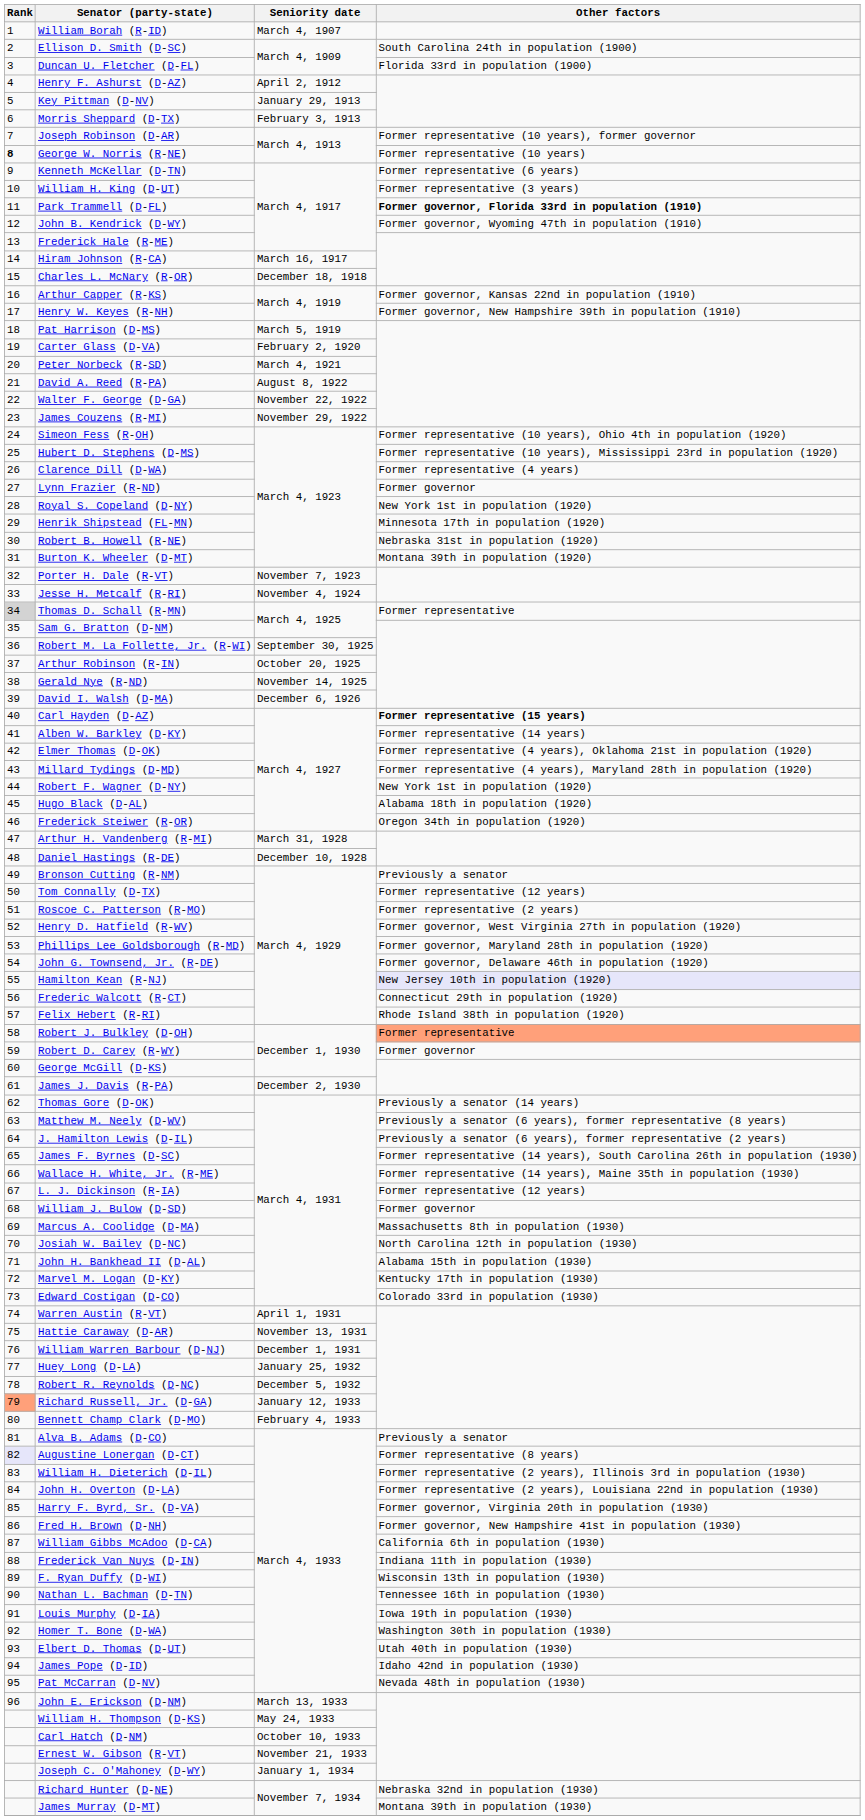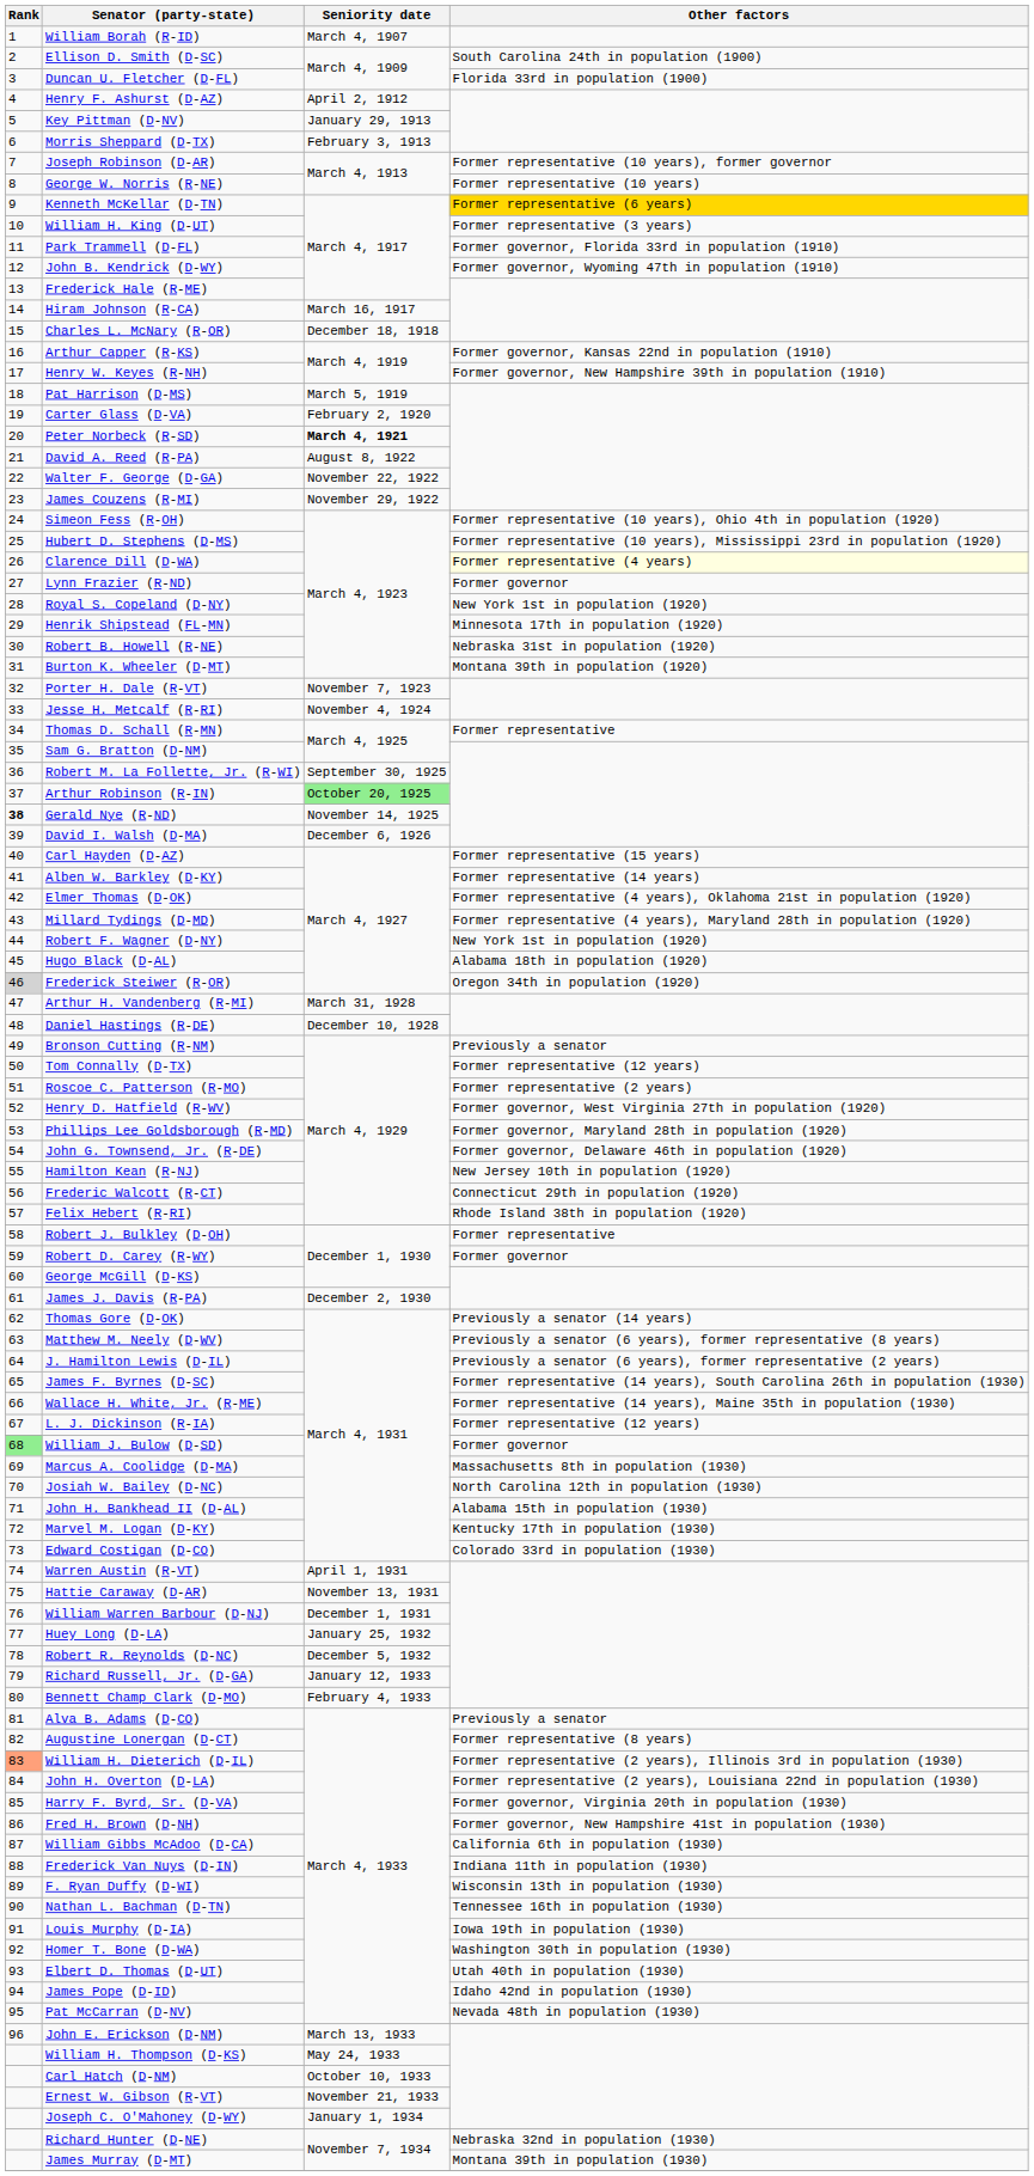 <table class=wikitable>
 <tr valign=bottom>
 <th>Rank</th>
 <th>Senator (party-state)</th>
 <th>Seniority date</th>
 <th>Other factors</th>
 </tr>
 <tr>
 <td>1</td>
 <td><a href='#'>William Borah</a> (<a href='#'>R</a>-<a href='#'>ID</a>)</td>
 <td>March 4, 1907</td>
 <td></td>
 </tr>
 <tr>
 <td>2</td>
 <td><a href='#'>Ellison D. Smith</a> (<a href='#'>D</a>-<a href='#'>SC</a>)</td>
 <td rowspan=2>March 4, 1909</td>
 <td>South Carolina 24th in population (1900)</td>
 </tr>
 <tr>
 <td>3</td>
 <td><a href='#'>Duncan U. Fletcher</a> (<a href='#'>D</a>-<a href='#'>FL</a>)</td>
 <td>Florida 33rd in population (1900)</td>
 </tr>
 <tr>
 <td>4</td>
 <td><a href='#'>Henry F. Ashurst</a> (<a href='#'>D</a>-<a href='#'>AZ</a>)</td>
 <td>April 2, 1912</td>
 <td rowspan=3></td>
 </tr>
 <tr>
 <td>5</td>
 <td><a href='#'>Key Pittman</a> (<a href='#'>D</a>-<a href='#'>NV</a>)</td>
 <td>January 29, 1913</td>
 </tr>
 <tr>
 <td>6</td>
 <td><a href='#'>Morris Sheppard</a> (<a href='#'>D</a>-<a href='#'>TX</a>)</td>
 <td>February 3, 1913</td>
 </tr>
 <tr>
 <td>7</td>
 <td><a href='#'>Joseph Robinson</a> (<a href='#'>D</a>-<a href='#'>AR</a>)</td>
 <td rowspan=2>March 4, 1913</td>
 <td>Former representative (10 years), former governor</td>
 </tr>
 <tr>
-<td><strong>8</strong></td>
+<td>8</td>
 <td><a href='#'>George W. Norris</a> (<a href='#'>R</a>-<a href='#'>NE</a>)</td>
 <td>Former representative (10 years)</td>
 </tr>
 <tr>
 <td>9</td>
 <td><a href='#'>Kenneth McKellar</a> (<a href='#'>D</a>-<a href='#'>TN</a>)</td>
 <td rowspan=5>March 4, 1917</td>
-<td>Former representative (6 years)</td>
+<td style="background: gold;">Former representative (6 years)</td>
 </tr>
 <tr>
 <td>10</td>
 <td><a href='#'>William H. King</a> (<a href='#'>D</a>-<a href='#'>UT</a>)</td>
 <td>Former representative (3 years)</td>
 </tr>
 <tr>
 <td>11</td>
 <td><a href='#'>Park Trammell</a> (<a href='#'>D</a>-<a href='#'>FL</a>)</td>
-<td><strong>Former governor, Florida 33rd in population (1910)</strong></td>
+<td>Former governor, Florida 33rd in population (1910)</td>
 </tr>
 <tr>
 <td>12</td>
 <td><a href='#'>John B. Kendrick</a> (<a href='#'>D</a>-<a href='#'>WY</a>) </td>
 <td>Former governor, Wyoming 47th in population (1910)</td>
 </tr>
 <tr>
 <td>13</td>
 <td><a href='#'>Frederick Hale</a> (<a href='#'>R</a>-<a href='#'>ME</a>)</td>
 <td rowspan=3></td>
 </tr>
 <tr>
 <td>14</td>
 <td><a href='#'>Hiram Johnson</a> (<a href='#'>R</a>-<a href='#'>CA</a>)</td>
 <td>March 16, 1917</td>
 </tr>
 <tr>
 <td>15</td>
 <td><a href='#'>Charles L. McNary</a> (<a href='#'>R</a>-<a href='#'>OR</a>)</td>
 <td>December 18, 1918</td>
 </tr>
 <tr>
 <td>16</td>
 <td><a href='#'>Arthur Capper</a> (<a href='#'>R</a>-<a href='#'>KS</a>)</td>
 <td rowspan=2>March 4, 1919</td>
 <td>Former governor, Kansas 22nd in population (1910)</td>
 </tr>
 <tr>
 <td>17</td>
 <td><a href='#'>Henry W. Keyes</a> (<a href='#'>R</a>-<a href='#'>NH</a>)</td>
 <td>Former governor, New Hampshire 39th in population (1910)</td>
 </tr>
 <tr>
 <td>18</td>
 <td><a href='#'>Pat Harrison</a> (<a href='#'>D</a>-<a href='#'>MS</a>)</td>
 <td>March 5, 1919</td>
 <td rowspan=6></td>
 </tr>
 <tr>
 <td>19</td>
 <td><a href='#'>Carter Glass</a> (<a href='#'>D</a>-<a href='#'>VA</a>)</td>
 <td>February 2, 1920</td>
 </tr>
 <tr>
 <td>20</td>
 <td><a href='#'>Peter Norbeck</a> (<a href='#'>R</a>-<a href='#'>SD</a>)</td>
-<td>March 4, 1921</td>
+<td><strong>March 4, 1921</strong></td>
 </tr>
 <tr>
 <td>21</td>
 <td><a href='#'>David A. Reed</a> (<a href='#'>R</a>-<a href='#'>PA</a>) </td>
 <td>August 8, 1922</td>
 </tr>
 <tr>
 <td>22</td>
 <td><a href='#'>Walter F. George</a> (<a href='#'>D</a>-<a href='#'>GA</a>)</td>
 <td>November 22, 1922</td>
 </tr>
 <tr>
 <td>23</td>
 <td><a href='#'>James Couzens</a> (<a href='#'>R</a>-<a href='#'>MI</a>)</td>
 <td>November 29, 1922</td>
 </tr>
 <tr>
 <td>24</td>
 <td><a href='#'>Simeon Fess</a> (<a href='#'>R</a>-<a href='#'>OH</a>) </td>
 <td rowspan=8>March 4, 1923</td>
 <td>Former representative (10 years), Ohio 4th in population (1920)</td>
 </tr>
 <tr>
 <td>25</td>
 <td><a href='#'>Hubert D. Stephens</a> (<a href='#'>D</a>-<a href='#'>MS</a>) </td>
 <td>Former representative (10 years), Mississippi 23rd in population (1920)</td>
 </tr>
 <tr>
 <td>26</td>
 <td><a href='#'>Clarence Dill</a> (<a href='#'>D</a>-<a href='#'>WA</a>) </td>
-<td>Former representative (4 years)</td>
+<td style="background: lightyellow;">Former representative (4 years)</td>
 </tr>
 <tr>
 <td>27</td>
 <td><a href='#'>Lynn Frazier</a> (<a href='#'>R</a>-<a href='#'>ND</a>)</td>
 <td>Former governor</td>
 </tr>
 <tr>
 <td>28</td>
 <td><a href='#'>Royal S. Copeland</a> (<a href='#'>D</a>-<a href='#'>NY</a>)</td>
 <td>New York 1st in population (1920)</td>
 </tr>
 <tr>
 <td>29</td>
 <td><a href='#'>Henrik Shipstead</a> (<a href='#'>FL</a>-<a href='#'>MN</a>)</td>
 <td>Minnesota 17th in population (1920)</td>
 </tr>
 <tr>
 <td>30</td>
 <td><a href='#'>Robert B. Howell</a> (<a href='#'>R</a>-<a href='#'>NE</a>) </td>
 <td>Nebraska 31st in population (1920)</td>
 </tr>
 <tr>
 <td>31</td>
 <td><a href='#'>Burton K. Wheeler</a> (<a href='#'>D</a>-<a href='#'>MT</a>)</td>
 <td>Montana 39th in population (1920)</td>
 </tr>
 <tr>
 <td>32</td>
 <td><a href='#'>Porter H. Dale</a> (<a href='#'>R</a>-<a href='#'>VT</a>) </td>
 <td>November 7, 1923</td>
 <td rowspan=2></td>
 </tr>
 <tr>
 <td>33</td>
 <td><a href='#'>Jesse H. Metcalf</a> (<a href='#'>R</a>-<a href='#'>RI</a>)</td>
 <td>November 4, 1924</td>
 </tr>
 <tr>
-<td style="background: lightgrey;">34</td>
+<td>34</td>
 <td><a href='#'>Thomas D. Schall</a> (<a href='#'>R</a>-<a href='#'>MN</a>)</td>
 <td rowspan=2>March 4, 1925</td>
 <td>Former representative</td>
 </tr>
 <tr>
 <td>35</td>
 <td><a href='#'>Sam G. Bratton</a> (<a href='#'>D</a>-<a href='#'>NM</a>) </td>
 <td rowspan=5></td>
 </tr>
 <tr>
 <td>36</td>
 <td><a href='#'>Robert M. La Follette, Jr.</a> (<a href='#'>R</a>-<a href='#'>WI</a>)</td>
 <td>September 30, 1925</td>
 </tr>
 <tr>
 <td>37</td>
 <td><a href='#'>Arthur Robinson</a> (<a href='#'>R</a>-<a href='#'>IN</a>) </td>
-<td>October 20, 1925</td>
+<td style="background: lightgreen;">October 20, 1925</td>
 </tr>
 <tr>
-<td>38</td>
+<td><strong>38</strong></td>
 <td><a href='#'>Gerald Nye</a> (<a href='#'>R</a>-<a href='#'>ND</a>)</td>
 <td>November 14, 1925</td>
 </tr>
 <tr>
 <td>39</td>
 <td><a href='#'>David I. Walsh</a> (<a href='#'>D</a>-<a href='#'>MA</a>)</td>
 <td>December 6, 1926</td>
 </tr>
 <tr>
 <td>40</td>
 <td><a href='#'>Carl Hayden</a> (<a href='#'>D</a>-<a href='#'>AZ</a>)</td>
 <td rowspan=7>March 4, 1927</td>
-<td><strong>Former representative (15 years)</strong></td>
+<td>Former representative (15 years)</td>
 </tr>
 <tr>
 <td>41</td>
 <td><a href='#'>Alben W. Barkley</a> (<a href='#'>D</a>-<a href='#'>KY</a>)</td>
 <td>Former representative (14 years)</td>
 </tr>
 <tr>
 <td>42</td>
 <td><a href='#'>Elmer Thomas</a> (<a href='#'>D</a>-<a href='#'>OK</a>)</td>
 <td>Former representative (4 years), Oklahoma 21st in population (1920)</td>
 </tr>
 <tr>
 <td>43</td>
 <td><a href='#'>Millard Tydings</a> (<a href='#'>D</a>-<a href='#'>MD</a>)</td>
 <td>Former representative (4 years), Maryland 28th in population (1920)</td>
 </tr>
 <tr>
 <td>44</td>
 <td><a href='#'>Robert F. Wagner</a> (<a href='#'>D</a>-<a href='#'>NY</a>)</td>
 <td>New York 1st in population (1920)</td>
 </tr>
 <tr>
 <td>45</td>
 <td><a href='#'>Hugo Black</a> (<a href='#'>D</a>-<a href='#'>AL</a>)</td>
 <td>Alabama 18th in population (1920)</td>
 </tr>
 <tr>
-<td>46</td>
+<td style="background: lightgrey;">46</td>
 <td><a href='#'>Frederick Steiwer</a> (<a href='#'>R</a>-<a href='#'>OR</a>)</td>
 <td>Oregon 34th in population (1920)</td>
 </tr>
 <tr>
 <td>47</td>
 <td><a href='#'>Arthur H. Vandenberg</a> (<a href='#'>R</a>-<a href='#'>MI</a>)</td>
 <td>March 31, 1928</td>
 <td rowspan=2></td>
 </tr>
 <tr>
 <td>48</td>
 <td><a href='#'>Daniel Hastings</a> (<a href='#'>R</a>-<a href='#'>DE</a>)</td>
 <td>December 10, 1928</td>
 </tr>
 <tr>
 <td>49</td>
 <td><a href='#'>Bronson Cutting</a> (<a href='#'>R</a>-<a href='#'>NM</a>)</td>
 <td rowspan=9>March 4, 1929</td>
 <td>Previously a senator</td>
 </tr>
 <tr>
 <td>50</td>
 <td><a href='#'>Tom Connally</a> (<a href='#'>D</a>-<a href='#'>TX</a>)</td>
 <td>Former representative (12 years)</td>
 </tr>
 <tr>
 <td>51</td>
 <td><a href='#'>Roscoe C. Patterson</a> (<a href='#'>R</a>-<a href='#'>MO</a>) </td>
 <td>Former representative (2 years)</td>
 </tr>
 <tr>
 <td>52</td>
 <td><a href='#'>Henry D. Hatfield</a> (<a href='#'>R</a>-<a href='#'>WV</a>) </td>
 <td>Former governor, West Virginia 27th in population (1920)</td>
 </tr>
 <tr>
 <td>53</td>
 <td><a href='#'>Phillips Lee Goldsborough</a> (<a href='#'>R</a>-<a href='#'>MD</a>) </td>
 <td>Former governor, Maryland 28th in population (1920)</td>
 </tr>
 <tr>
 <td>54</td>
 <td><a href='#'>John G. Townsend, Jr.</a> (<a href='#'>R</a>-<a href='#'>DE</a>)</td>
 <td>Former governor, Delaware 46th in population (1920)</td>
 </tr>
 <tr>
 <td>55</td>
 <td><a href='#'>Hamilton Kean</a> (<a href='#'>R</a>-<a href='#'>NJ</a>) </td>
-<td style="background: lavender;">New Jersey 10th in population (1920)</td>
+<td>New Jersey 10th in population (1920)</td>
 </tr>
 <tr>
 <td>56</td>
 <td><a href='#'>Frederic Walcott</a> (<a href='#'>R</a>-<a href='#'>CT</a>) </td>
 <td>Connecticut 29th in population (1920)</td>
 </tr>
 <tr>
 <td>57</td>
 <td><a href='#'>Felix Hebert</a> (<a href='#'>R</a>-<a href='#'>RI</a>) </td>
 <td>Rhode Island 38th in population (1920)</td>
 </tr>
 <tr>
 <td>58</td>
 <td><a href='#'>Robert J. Bulkley</a> (<a href='#'>D</a>-<a href='#'>OH</a>)</td>
 <td rowspan=3>December 1, 1930</td>
-<td style="background: lightsalmon;">Former representative</td>
+<td>Former representative</td>
 </tr>
 <tr>
 <td>59</td>
 <td><a href='#'>Robert D. Carey</a> (<a href='#'>R</a>-<a href='#'>WY</a>)</td>
 <td>Former governor</td>
 </tr>
 <tr>
 <td>60</td>
 <td><a href='#'>George McGill</a> (<a href='#'>D</a>-<a href='#'>KS</a>)</td>
 <td rowspan=2></td>
 </tr>
 <tr>
 <td>61</td>
 <td><a href='#'>James J. Davis</a> (<a href='#'>R</a>-<a href='#'>PA</a>)</td>
 <td>December 2, 1930</td>
 </tr>
 <tr>
 <td>62</td>
 <td><a href='#'>Thomas Gore</a> (<a href='#'>D</a>-<a href='#'>OK</a>)</td>
 <td rowspan=12>March 4, 1931</td>
 <td>Previously a senator (14 years)</td>
 </tr>
 <tr>
 <td>63</td>
 <td><a href='#'>Matthew M. Neely</a> (<a href='#'>D</a>-<a href='#'>WV</a>)</td>
 <td>Previously a senator (6 years), former representative (8 years)</td>
 </tr>
 <tr>
 <td>64</td>
 <td><a href='#'>J. Hamilton Lewis</a> (<a href='#'>D</a>-<a href='#'>IL</a>)</td>
 <td>Previously a senator (6 years), former representative (2 years)</td>
 </tr>
 <tr>
 <td>65</td>
 <td><a href='#'>James F. Byrnes</a> (<a href='#'>D</a>-<a href='#'>SC</a>)</td>
 <td>Former representative (14 years), South Carolina 26th in population (1930)</td>
 </tr>
 <tr>
 <td>66</td>
 <td><a href='#'>Wallace H. White, Jr.</a> (<a href='#'>R</a>-<a href='#'>ME</a>)</td>
 <td>Former representative (14 years), Maine 35th in population (1930)</td>
 </tr>
 <tr>
 <td>67</td>
 <td><a href='#'>L. J. Dickinson</a> (<a href='#'>R</a>-<a href='#'>IA</a>)</td>
 <td>Former representative (12 years)</td>
 </tr>
 <tr>
-<td>68</td>
+<td style="background: lightgreen;">68</td>
 <td><a href='#'>William J. Bulow</a> (<a href='#'>D</a>-<a href='#'>SD</a>)</td>
 <td>Former governor</td>
 </tr>
 <tr>
 <td>69</td>
 <td><a href='#'>Marcus A. Coolidge</a> (<a href='#'>D</a>-<a href='#'>MA</a>)</td>
 <td>Massachusetts 8th in population (1930)</td>
 </tr>
 <tr>
 <td>70</td>
 <td><a href='#'>Josiah W. Bailey</a> (<a href='#'>D</a>-<a href='#'>NC</a>)</td>
 <td>North Carolina 12th in population (1930)</td>
 </tr>
 <tr>
 <td>71</td>
 <td><a href='#'>John H. Bankhead II</a> (<a href='#'>D</a>-<a href='#'>AL</a>)</td>
 <td>Alabama 15th in population (1930)</td>
 </tr>
 <tr>
 <td>72</td>
 <td><a href='#'>Marvel M. Logan</a> (<a href='#'>D</a>-<a href='#'>KY</a>)</td>
 <td>Kentucky 17th in population (1930)</td>
 </tr>
 <tr>
 <td>73</td>
 <td><a href='#'>Edward Costigan</a> (<a href='#'>D</a>-<a href='#'>CO</a>)</td>
 <td>Colorado 33rd in population (1930)</td>
 </tr>
 <tr>
 <td>74</td>
 <td><a href='#'>Warren Austin</a> (<a href='#'>R</a>-<a href='#'>VT</a>)</td>
 <td>April 1, 1931</td>
 <td rowspan=7></td>
 </tr>
 <tr>
 <td>75</td>
 <td><a href='#'>Hattie Caraway</a> (<a href='#'>D</a>-<a href='#'>AR</a>)</td>
 <td>November 13, 1931</td>
 </tr>
 <tr>
 <td>76</td>
 <td><a href='#'>William Warren Barbour</a> (<a href='#'>D</a>-<a href='#'>NJ</a>)</td>
 <td>December 1, 1931</td>
 </tr>
 <tr>
 <td>77</td>
 <td><a href='#'>Huey Long</a> (<a href='#'>D</a>-<a href='#'>LA</a>)</td>
 <td>January 25, 1932</td>
 </tr>
 <tr>
 <td>78</td>
 <td><a href='#'>Robert R. Reynolds</a> (<a href='#'>D</a>-<a href='#'>NC</a>)</td>
 <td>December 5, 1932</td>
 </tr>
 <tr>
-<td style="background: lightsalmon;">79</td>
+<td>79</td>
 <td><a href='#'>Richard Russell, Jr.</a> (<a href='#'>D</a>-<a href='#'>GA</a>)</td>
 <td>January 12, 1933</td>
 </tr>
 <tr>
 <td>80</td>
 <td><a href='#'>Bennett Champ Clark</a> (<a href='#'>D</a>-<a href='#'>MO</a>)</td>
 <td>February 4, 1933</td>
 </tr>
 <tr>
 <td>81</td>
 <td><a href='#'>Alva B. Adams</a> (<a href='#'>D</a>-<a href='#'>CO</a>)</td>
 <td rowspan=15>March 4, 1933</td>
 <td>Previously a senator</td>
 </tr>
 <tr>
-<td style="background: lavender;">82</td>
+<td>82</td>
 <td><a href='#'>Augustine Lonergan</a> (<a href='#'>D</a>-<a href='#'>CT</a>)</td>
 <td>Former representative (8 years)</td>
 </tr>
 <tr>
-<td>83</td>
+<td style="background: lightsalmon;">83</td>
 <td><a href='#'>William H. Dieterich</a> (<a href='#'>D</a>-<a href='#'>IL</a>)</td>
 <td>Former representative (2 years), Illinois 3rd in population (1930)</td>
 </tr>
 <tr>
 <td>84</td>
 <td><a href='#'>John H. Overton</a> (<a href='#'>D</a>-<a href='#'>LA</a>)</td>
 <td>Former representative (2 years), Louisiana 22nd in population (1930)</td>
 </tr>
 <tr>
 <td>85</td>
 <td><a href='#'>Harry F. Byrd, Sr.</a> (<a href='#'>D</a>-<a href='#'>VA</a>)</td>
 <td>Former governor, Virginia 20th in population (1930)</td>
 </tr>
 <tr>
 <td>86</td>
 <td><a href='#'>Fred H. Brown</a> (<a href='#'>D</a>-<a href='#'>NH</a>)</td>
 <td>Former governor, New Hampshire 41st in population (1930)</td>
 </tr>
 <tr>
 <td>87</td>
 <td><a href='#'>William Gibbs McAdoo</a> (<a href='#'>D</a>-<a href='#'>CA</a>)</td>
 <td>California 6th in population (1930)</td>
 </tr>
 <tr>
 <td>88</td>
 <td><a href='#'>Frederick Van Nuys</a> (<a href='#'>D</a>-<a href='#'>IN</a>)</td>
 <td>Indiana 11th in population (1930)</td>
 </tr>
 <tr>
 <td>89</td>
 <td><a href='#'>F. Ryan Duffy</a> (<a href='#'>D</a>-<a href='#'>WI</a>)</td>
 <td>Wisconsin 13th in population (1930)</td>
 </tr>
 <tr>
 <td>90</td>
 <td><a href='#'>Nathan L. Bachman</a> (<a href='#'>D</a>-<a href='#'>TN</a>)</td>
 <td>Tennessee 16th in population (1930)</td>
 </tr>
 <tr>
 <td>91</td>
 <td><a href='#'>Louis Murphy</a> (<a href='#'>D</a>-<a href='#'>IA</a>)</td>
 <td>Iowa 19th in population (1930)</td>
 </tr>
 <tr>
 <td>92</td>
 <td><a href='#'>Homer T. Bone</a> (<a href='#'>D</a>-<a href='#'>WA</a>)</td>
 <td>Washington 30th in population (1930)</td>
 </tr>
 <tr>
 <td>93</td>
 <td><a href='#'>Elbert D. Thomas</a> (<a href='#'>D</a>-<a href='#'>UT</a>)</td>
 <td>Utah 40th in population (1930)</td>
 </tr>
 <tr>
 <td>94</td>
 <td><a href='#'>James Pope</a> (<a href='#'>D</a>-<a href='#'>ID</a>)</td>
 <td>Idaho 42nd in population (1930)</td>
 </tr>
 <tr>
 <td>95</td>
 <td><a href='#'>Pat McCarran</a> (<a href='#'>D</a>-<a href='#'>NV</a>)</td>
 <td>Nevada 48th in population (1930)</td>
 </tr>
 <tr>
 <td>96</td>
 <td><a href='#'>John E. Erickson</a> (<a href='#'>D</a>-<a href='#'>NM</a>) </td>
 <td>March 13, 1933</td>
 <td rowspan=5></td>
 </tr>
 <tr>
 <td></td>
 <td><a href='#'>William H. Thompson</a> (<a href='#'>D</a>-<a href='#'>KS</a>) </td>
 <td>May 24, 1933</td>
 </tr>
 <tr>
 <td></td>
 <td><a href='#'>Carl Hatch</a> (<a href='#'>D</a>-<a href='#'>NM</a>)</td>
 <td>October 10, 1933</td>
 </tr>
 <tr>
 <td></td>
 <td><a href='#'>Ernest W. Gibson</a> (<a href='#'>R</a>-<a href='#'>VT</a>)</td>
 <td>November 21, 1933</td>
 </tr>
 <tr>
 <td></td>
 <td><a href='#'>Joseph C. O'Mahoney</a> (<a href='#'>D</a>-<a href='#'>WY</a>)</td>
 <td>January 1, 1934</td>
 </tr>
 <tr>
 <td></td>
 <td><a href='#'>Richard Hunter</a> (<a href='#'>D</a>-<a href='#'>NE</a>) </td>
 <td rowspan=2>November 7, 1934</td>
 <td>Nebraska 32nd in population (1930)</td>
 </tr>
 <tr>
 <td></td>
 <td><a href='#'>James Murray</a> (<a href='#'>D</a>-<a href='#'>MT</a>)</td>
 <td>Montana 39th in population (1930)</td>
 </tr>
 <tr>
 </tr>
 </table>
